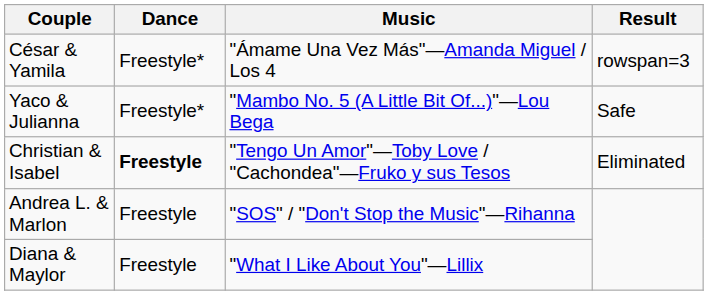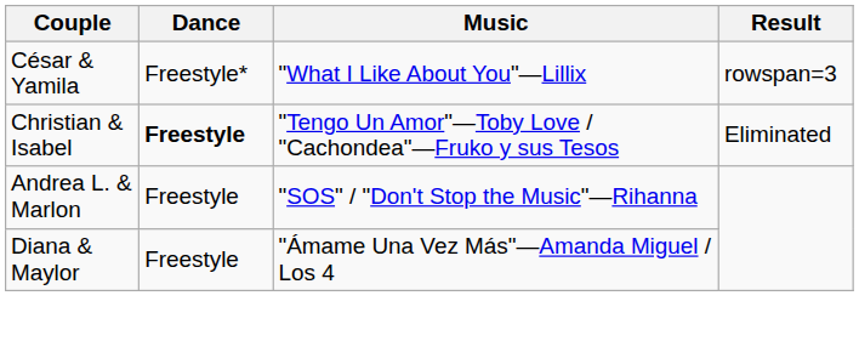 <table class="wikitable sortable" style="width:95%;">
 <tr>
 <th style="width:15%;">Couple</th>
 <th style="width:15%;">Dance</th>
 <th style="width:50%;">Music</th>
 <th style="width:15%;">Result</th>
 </tr>
 <tr>
 <td>César & Yamila</td>
 <td>Freestyle*</td>
-<td>"Ámame Una Vez Más"—<a href='#'>Amanda Miguel</a> / Los 4</td>
+<td>"<a href='#'>What I Like About You</a>"—<a href='#'>Lillix</a></td>
 <td>rowspan=3 </td>
-</tr>
-<tr>
-<td>Yaco & Julianna</td>
-<td>Freestyle*</td>
-<td>"<a href='#'>Mambo No. 5 (A Little Bit Of...)</a>"—<a href='#'>Lou Bega</a></td>
-<td>Safe</td>
 </tr>
 <tr>
 <td>Christian & Isabel</td>
 <td><strong>Freestyle</strong></td>
 <td>"<a href='#'>Tengo Un Amor</a>"—<a href='#'>Toby Love</a> / "Cachondea"—<a href='#'>Fruko y sus Tesos</a></td>
 <td>Eliminated</td>
 </tr>
 <tr>
 <td>Andrea L. & Marlon</td>
 <td>Freestyle</td>
 <td>"<a href='#'>SOS</a>" / "<a href='#'>Don't Stop the Music</a>"—<a href='#'>Rihanna</a></td>
 </tr>
 <tr>
 <td>Diana & Maylor</td>
 <td>Freestyle</td>
-<td>"<a href='#'>What I Like About You</a>"—<a href='#'>Lillix</a></td>
+<td>"Ámame Una Vez Más"—<a href='#'>Amanda Miguel</a> / Los 4</td>
 </tr>
 </table>
